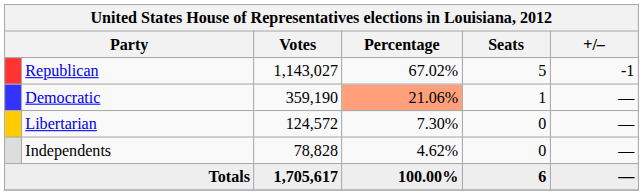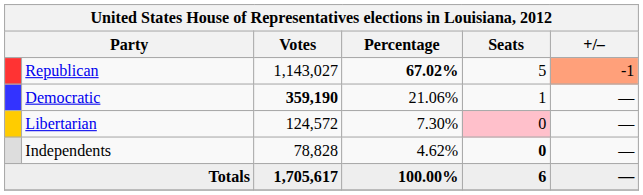 <table class="wikitable" style="font-size: 95%;">
 <tr>
 <th colspan="6">United States House of Representatives elections in Louisiana, 2012</th>
 </tr>
 <tr>
 <th colspan=2 style="width: 15em">Party</th>
 <th style="width: 5em">Votes</th>
 <th style="width: 7em">Percentage</th>
 <th style="width: 5em">Seats</th>
 <th style="width: 5em">+/–</th>
 </tr>
 <tr>
 <th style="background-color:#FF3333; width: 3px"></th>
 <td style="width: 130px"><a href='#'>Republican</a></td>
 <td align="right">1,143,027</td>
-<td align="right">67.02%</td>
+<td align="right"><strong>67.02%</strong></td>
 <td align="right">5</td>
-<td align="right">-1</td>
+<td align="right" style="background: lightsalmon;">-1</td>
 </tr>
 <tr>
 <th style="background-color:#3333FF; width: 3px"></th>
 <td style="width: 130px"><a href='#'>Democratic</a></td>
-<td align="right">359,190</td>
-<td align="right" style="background: lightsalmon;">21.06%</td>
+<td align="right"><strong>359,190</strong></td>
+<td align="right">21.06%</td>
 <td align="right">1</td>
 <td align="right">—</td>
 </tr>
 <tr>
 <th style="background-color:#FFCC00; width: 3px"></th>
 <td style="width: 130px"><a href='#'>Libertarian</a></td>
 <td align="right">124,572</td>
 <td align="right">7.30%</td>
-<td align="right">0</td>
+<td align="right" style="background: pink;">0</td>
 <td align="right">—</td>
 </tr>
 <tr>
 <th style="background-color:#DDDDDD; width: 3px"></th>
 <td style="width: 130px">Independents</td>
 <td align="right">78,828</td>
 <td align="right">4.62%</td>
-<td align="right">0</td>
+<td align="right"><strong>0</strong></td>
 <td align="right">—</td>
 </tr>
 <tr bgcolor="#EEEEEE">
 <td colspan="2" align="right"><strong>Totals</strong></td>
 <td align="right"><strong>1,705,617</strong></td>
 <td align="right"><strong>100.00%</strong></td>
 <td align="right"><strong>6</strong></td>
 <td align="right"><strong>—</strong></td>
 </tr>
 <tr bgcolor="#EEEEEE">
 </tr>
 </table>
